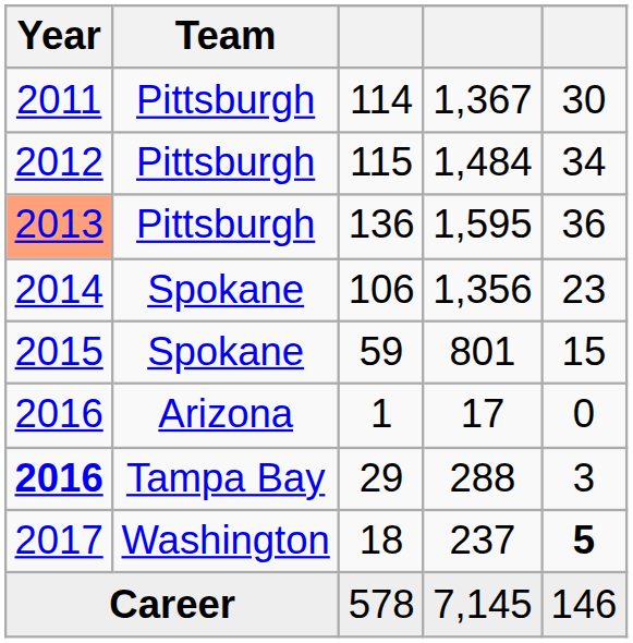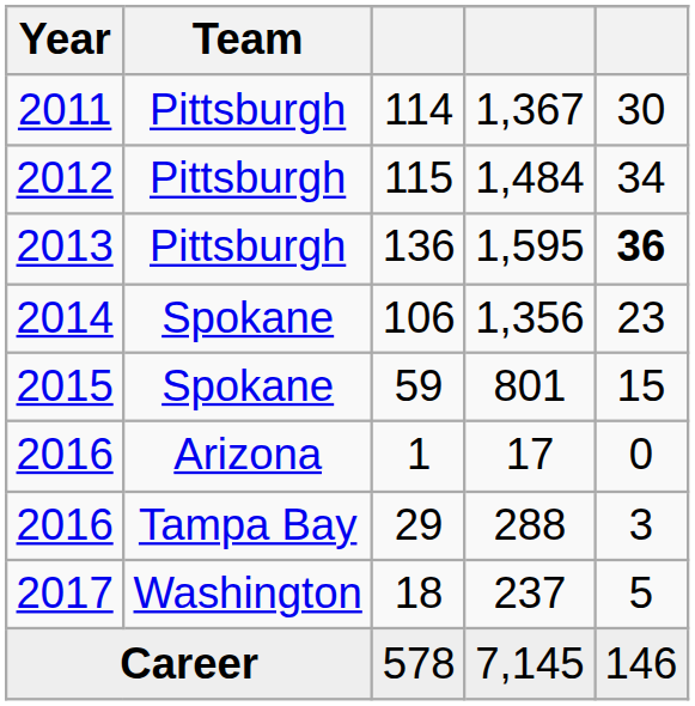 <table class="wikitable sortable" style="text-align:center">
 <tr>
 <th rowspan=2>Year</th>
 <th rowspan=2>Team</th>
 </tr>
 <tr>
 <th></th>
 <th></th>
 <th></th>
 </tr>
 <tr>
 <td><a href='#'>2011</a></td>
 <td><a href='#'>Pittsburgh</a></td>
 <td>114</td>
 <td>1,367</td>
 <td>30</td>
 </tr>
 <tr>
 <td><a href='#'>2012</a></td>
 <td><a href='#'>Pittsburgh</a></td>
 <td>115</td>
 <td>1,484</td>
 <td>34</td>
 </tr>
 <tr>
-<td style="background: lightsalmon;"><a href='#'>2013</a></td>
+<td><a href='#'>2013</a></td>
 <td><a href='#'>Pittsburgh</a></td>
 <td>136</td>
 <td>1,595</td>
-<td>36</td>
+<td><strong>36</strong></td>
 </tr>
 <tr>
 <td><a href='#'>2014</a></td>
 <td><a href='#'>Spokane</a></td>
 <td>106</td>
 <td>1,356</td>
 <td>23</td>
 </tr>
 <tr>
 <td><a href='#'>2015</a></td>
 <td><a href='#'>Spokane</a></td>
 <td>59</td>
 <td>801</td>
 <td>15</td>
 </tr>
 <tr>
 <td><a href='#'>2016</a></td>
 <td><a href='#'>Arizona</a></td>
 <td>1</td>
 <td>17</td>
 <td>0</td>
 </tr>
 <tr>
-<td><strong><a href='#'>2016</a></strong></td>
+<td><a href='#'>2016</a></td>
 <td><a href='#'>Tampa Bay</a></td>
 <td>29</td>
 <td>288</td>
 <td>3</td>
 </tr>
 <tr>
 <td><a href='#'>2017</a></td>
 <td><a href='#'>Washington</a></td>
 <td>18</td>
 <td>237</td>
-<td><strong>5</strong></td>
+<td>5</td>
 </tr>
 <tr class="sortbottom" style="background:#eee;">
 <td colspan=2><strong>Career</strong></td>
 <td>578</td>
 <td>7,145</td>
 <td>146</td>
 </tr>
 </table>
